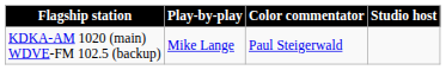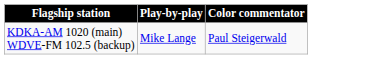 <table class="wikitable sortable sortable">
 <tr>
 <th style="color:white; background:#000000; ">Flagship station</th>
 <th style="color:white; background:#000000; ">Play-by-play</th>
 <th style="color:white; background:#000000; ">Color commentator</th>
-<th style="color:white; background:#000000; ">Studio host</th>
 </tr>
 <tr>
 <td><a href='#'>KDKA-AM</a> 1020 (main)<br><a href='#'>WDVE</a>-FM 102.5 (backup)</td>
 <td><a href='#'>Mike Lange</a></td>
 <td><a href='#'>Paul Steigerwald</a></td>
-<td></td>
 </tr>
 </table>
